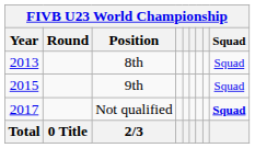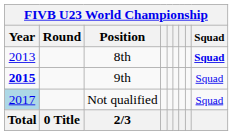 <table class="wikitable" style="text-align: center;">
 <tr>
 <th colspan=9><a href='#'>FIVB U23 World Championship</a></th>
 </tr>
 <tr>
 <th>Year</th>
 <th>Round</th>
 <th>Position</th>
 <th></th>
 <th></th>
 <th></th>
 <th></th>
 <th></th>
 <th><small>Squad</small></th>
 </tr>
 <tr>
 <td> <a href='#'>2013</a></td>
 <td></td>
 <td>8th</td>
 <td></td>
 <td></td>
 <td></td>
 <td></td>
 <td></td>
-<td><small> <a href='#'>Squad</a></small></td>
+<td><strong><small> <a href='#'>Squad</a></small></strong></td>
 </tr>
 <tr>
-<td> <a href='#'>2015</a></td>
+<td><strong> <a href='#'>2015</a></strong></td>
 <td></td>
 <td>9th</td>
 <td></td>
 <td></td>
 <td></td>
 <td></td>
 <td></td>
 <td><small><a href='#'>Squad</a></small></td>
 </tr>
 <tr>
-<td> <a href='#'>2017</a></td>
+<td style="background: lightblue;"> <a href='#'>2017</a></td>
 <td></td>
 <td>Not qualified</td>
 <td></td>
 <td></td>
 <td></td>
 <td></td>
 <td></td>
-<td><strong><small><a href='#'>Squad</a></small></strong></td>
+<td><small><a href='#'>Squad</a></small></td>
 </tr>
 <tr>
 <th>Total</th>
 <th>0 Title</th>
 <th>2/3</th>
 <th></th>
 <th></th>
 <th></th>
 <th></th>
 <th></th>
 <th></th>
 </tr>
 </table>
